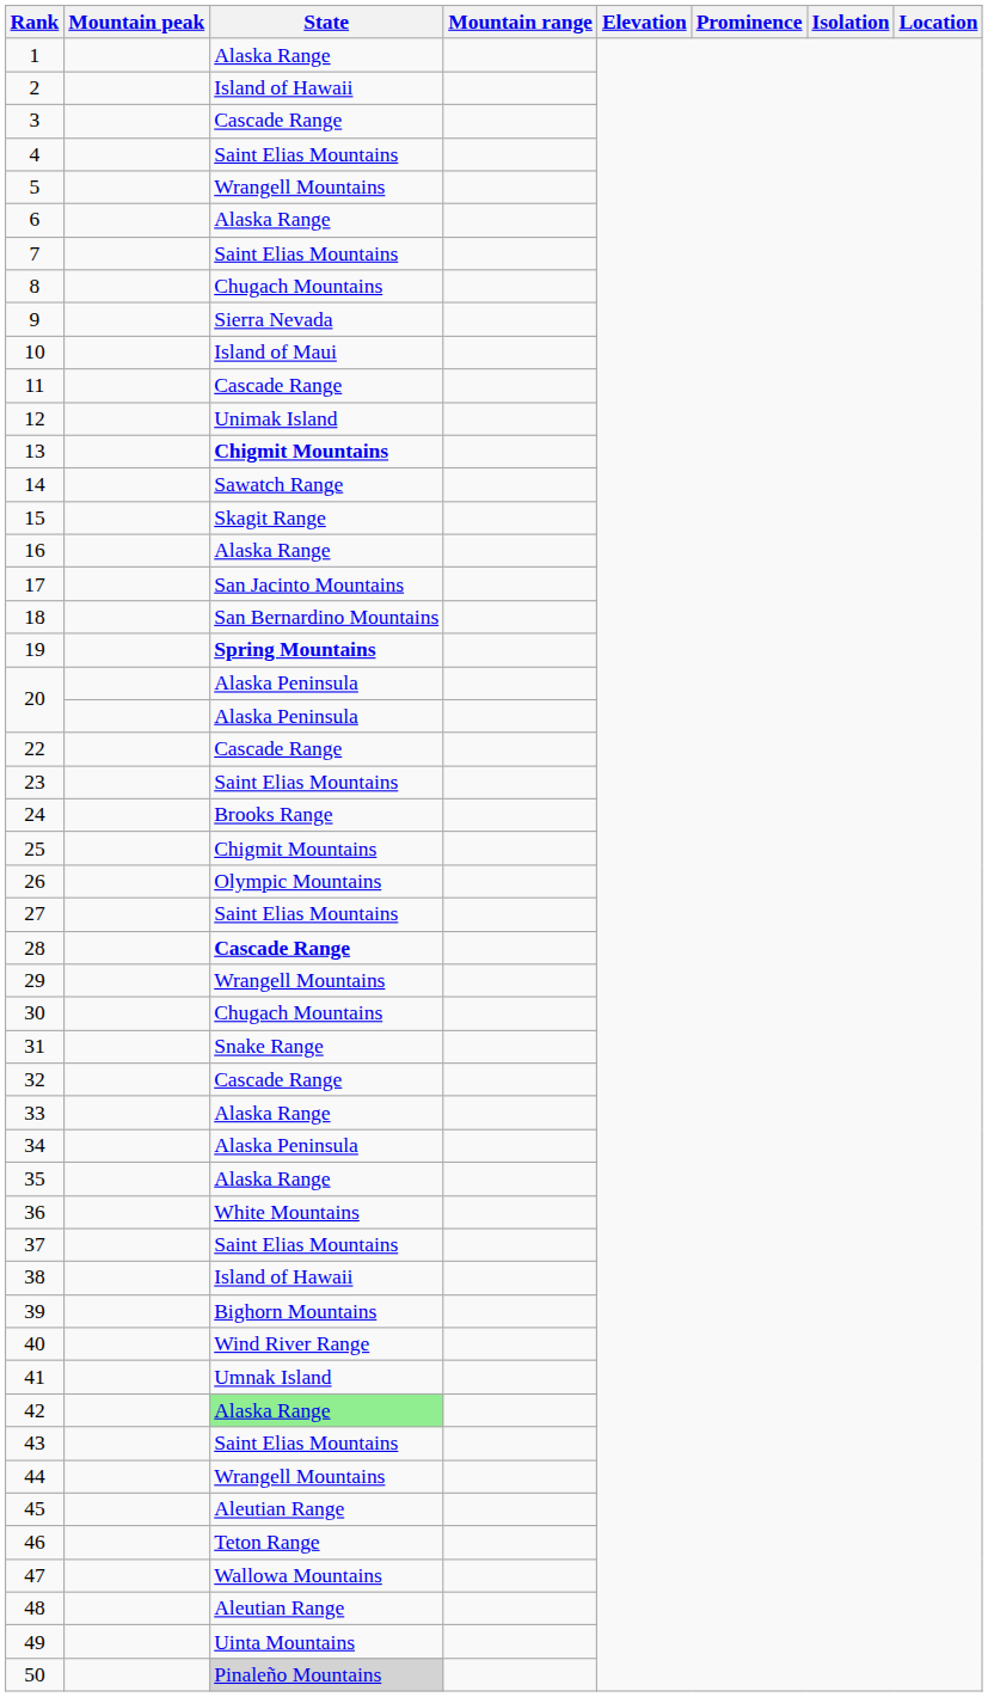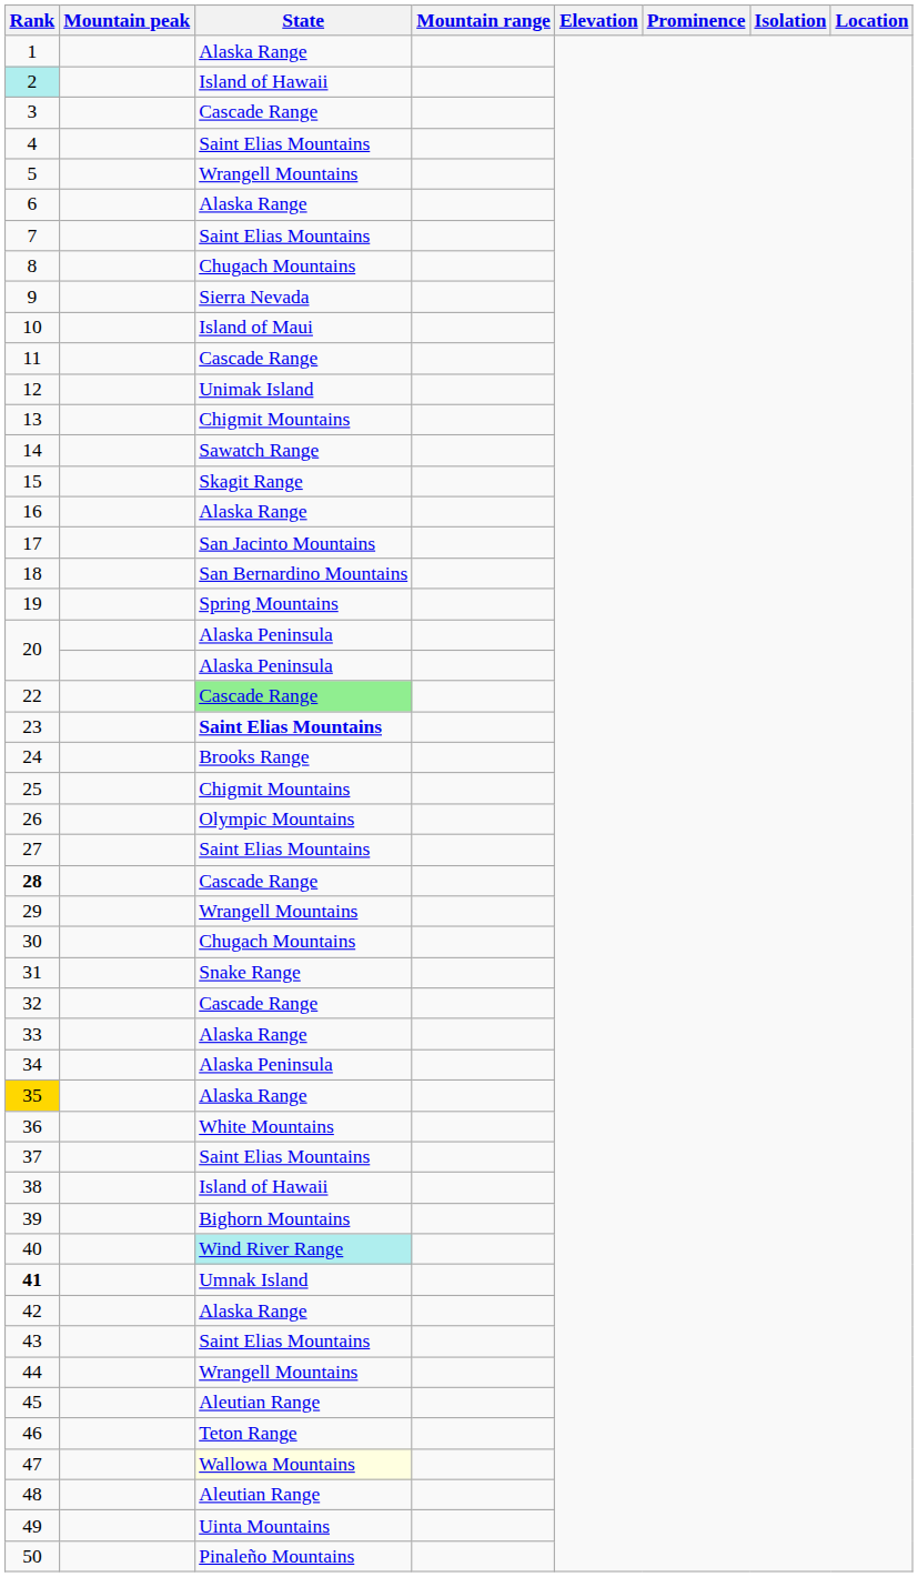 <table class="wikitable sortable">
 <tr>
 <th><a href='#'>Rank</a></th>
 <th><a href='#'>Mountain peak</a></th>
 <th><a href='#'>State</a></th>
 <th><a href='#'>Mountain range</a></th>
 <th><a href='#'>Elevation</a></th>
 <th><a href='#'>Prominence</a></th>
 <th><a href='#'>Isolation</a></th>
 <th><a href='#'>Location</a></th>
 </tr>
 <tr>
 <td align=center>1<br></td>
 <td></td>
 <td><a href='#'>Alaska Range</a><br></td>
 <td></td>
 </tr>
 <tr>
-<td align=center>2<br></td>
+<td align=center style="background: paleturquoise;">2<br></td>
 <td></td>
 <td><a href='#'>Island of Hawaii</a><br></td>
 <td></td>
 </tr>
 <tr>
 <td align=center>3<br></td>
 <td></td>
 <td><a href='#'>Cascade Range</a><br></td>
 <td></td>
 </tr>
 <tr>
 <td align=center>4<br></td>
 <td><br></td>
 <td><a href='#'>Saint Elias Mountains</a><br></td>
 <td></td>
 </tr>
 <tr>
 <td align=center>5<br></td>
 <td></td>
 <td><a href='#'>Wrangell Mountains</a><br></td>
 <td></td>
 </tr>
 <tr>
 <td align=center>6<br></td>
 <td></td>
 <td><a href='#'>Alaska Range</a><br></td>
 <td></td>
 </tr>
 <tr>
 <td align=center>7<br></td>
 <td><br></td>
 <td><a href='#'>Saint Elias Mountains</a><br></td>
 <td></td>
 </tr>
 <tr>
 <td align=center>8<br></td>
 <td></td>
 <td><a href='#'>Chugach Mountains</a><br></td>
 <td></td>
 </tr>
 <tr>
 <td align=center>9<br></td>
 <td></td>
 <td><a href='#'>Sierra Nevada</a><br></td>
 <td></td>
 </tr>
 <tr>
 <td align=center>10<br></td>
 <td></td>
 <td><a href='#'>Island of Maui</a><br></td>
 <td></td>
 </tr>
 <tr>
 <td align=center>11<br></td>
 <td></td>
 <td><a href='#'>Cascade Range</a><br></td>
 <td></td>
 </tr>
 <tr>
 <td align=center>12<br></td>
 <td></td>
 <td><a href='#'>Unimak Island</a><br></td>
 <td></td>
 </tr>
 <tr>
 <td align=center>13<br></td>
 <td></td>
-<td><strong><a href='#'>Chigmit Mountains</a><br></strong></td>
+<td><a href='#'>Chigmit Mountains</a><br></td>
 <td></td>
 </tr>
 <tr>
 <td align=center>14<br></td>
 <td></td>
 <td><a href='#'>Sawatch Range</a><br></td>
 <td></td>
 </tr>
 <tr>
 <td align=center>15<br></td>
 <td></td>
 <td><a href='#'>Skagit Range</a><br></td>
 <td></td>
 </tr>
 <tr>
 <td align=center>16<br></td>
 <td></td>
 <td><a href='#'>Alaska Range</a><br></td>
 <td></td>
 </tr>
 <tr>
 <td align=center>17<br></td>
 <td></td>
 <td><a href='#'>San Jacinto Mountains</a><br></td>
 <td></td>
 </tr>
 <tr>
 <td align=center>18<br></td>
 <td></td>
 <td><a href='#'>San Bernardino Mountains</a><br></td>
 <td></td>
 </tr>
 <tr>
 <td align=center>19<br></td>
 <td></td>
-<td><strong><a href='#'>Spring Mountains</a><br></strong></td>
+<td><a href='#'>Spring Mountains</a><br></td>
 <td></td>
 </tr>
 <tr>
 <td align=center rowspan=2>20<br></td>
 <td></td>
 <td><a href='#'>Alaska Peninsula</a><br></td>
 <td></td>
 </tr>
 <tr>
 <td></td>
 <td><a href='#'>Alaska Peninsula</a><br></td>
 <td></td>
 </tr>
 <tr>
 <td align=center>22<br></td>
 <td></td>
-<td><a href='#'>Cascade Range</a><br></td>
+<td style="background: lightgreen;"><a href='#'>Cascade Range</a><br></td>
 <td></td>
 </tr>
 <tr>
 <td align=center>23<br></td>
 <td><br></td>
-<td><a href='#'>Saint Elias Mountains</a><br></td>
+<td><strong><a href='#'>Saint Elias Mountains</a><br></strong></td>
 <td></td>
 </tr>
 <tr>
 <td align=center>24<br></td>
 <td></td>
 <td><a href='#'>Brooks Range</a><br></td>
 <td></td>
 </tr>
 <tr>
 <td align=center>25<br></td>
 <td></td>
 <td><a href='#'>Chigmit Mountains</a><br></td>
 <td></td>
 </tr>
 <tr>
 <td align=center>26<br></td>
 <td></td>
 <td><a href='#'>Olympic Mountains</a><br></td>
 <td></td>
 </tr>
 <tr>
 <td align=center>27<br></td>
 <td><br></td>
 <td><a href='#'>Saint Elias Mountains</a><br></td>
 <td></td>
 </tr>
 <tr>
-<td align=center>28<br></td>
+<td align=center><strong>28<br></strong></td>
 <td></td>
-<td><strong><a href='#'>Cascade Range</a><br></strong></td>
+<td><a href='#'>Cascade Range</a><br></td>
 <td></td>
 </tr>
 <tr>
 <td align=center>29<br></td>
 <td></td>
 <td><a href='#'>Wrangell Mountains</a><br></td>
 <td></td>
 </tr>
 <tr>
 <td align=center>30<br></td>
 <td></td>
 <td><a href='#'>Chugach Mountains</a><br></td>
 <td></td>
 </tr>
 <tr>
 <td align=center>31<br></td>
 <td></td>
 <td><a href='#'>Snake Range</a><br></td>
 <td></td>
 </tr>
 <tr>
 <td align=center>32<br></td>
 <td></td>
 <td><a href='#'>Cascade Range</a><br></td>
 <td></td>
 </tr>
 <tr>
 <td align=center>33<br></td>
 <td></td>
 <td><a href='#'>Alaska Range</a><br></td>
 <td></td>
 </tr>
 <tr>
 <td align=center>34<br></td>
 <td></td>
 <td><a href='#'>Alaska Peninsula</a><br></td>
 <td></td>
 </tr>
 <tr>
-<td align=center>35<br></td>
+<td align=center style="background: gold;">35<br></td>
 <td></td>
 <td><a href='#'>Alaska Range</a><br></td>
 <td></td>
 </tr>
 <tr>
 <td align=center>36<br></td>
 <td></td>
 <td><a href='#'>White Mountains</a><br></td>
 <td></td>
 </tr>
 <tr>
 <td align=center>37<br></td>
 <td></td>
 <td><a href='#'>Saint Elias Mountains</a><br></td>
 <td></td>
 </tr>
 <tr>
 <td align=center>38<br></td>
 <td></td>
 <td><a href='#'>Island of Hawaii</a><br></td>
 <td></td>
 </tr>
 <tr>
 <td align=center>39<br></td>
 <td></td>
 <td><a href='#'>Bighorn Mountains</a><br></td>
 <td></td>
 </tr>
 <tr>
 <td align=center>40<br></td>
 <td></td>
-<td><a href='#'>Wind River Range</a><br></td>
+<td style="background: paleturquoise;"><a href='#'>Wind River Range</a><br></td>
 <td></td>
 </tr>
 <tr>
-<td align=center>41<br></td>
+<td align=center><strong>41<br></strong></td>
 <td></td>
 <td><a href='#'>Umnak Island</a><br></td>
 <td></td>
 </tr>
 <tr>
 <td align=center>42<br></td>
 <td></td>
-<td style="background: lightgreen;"><a href='#'>Alaska Range</a><br></td>
+<td><a href='#'>Alaska Range</a><br></td>
 <td></td>
 </tr>
 <tr>
 <td align=center>43<br></td>
 <td></td>
 <td><a href='#'>Saint Elias Mountains</a><br></td>
 <td></td>
 </tr>
 <tr>
 <td align=center>44<br></td>
 <td></td>
 <td><a href='#'>Wrangell Mountains</a><br></td>
 <td></td>
 </tr>
 <tr>
 <td align=center>45<br></td>
 <td></td>
 <td><a href='#'>Aleutian Range</a><br></td>
 <td></td>
 </tr>
 <tr>
 <td align=center>46<br></td>
 <td></td>
 <td><a href='#'>Teton Range</a><br></td>
 <td></td>
 </tr>
 <tr>
 <td align=center>47<br></td>
 <td></td>
-<td><a href='#'>Wallowa Mountains</a><br></td>
+<td style="background: lightyellow;"><a href='#'>Wallowa Mountains</a><br></td>
 <td></td>
 </tr>
 <tr>
 <td align=center>48<br></td>
 <td></td>
 <td><a href='#'>Aleutian Range</a><br></td>
 <td></td>
 </tr>
 <tr>
 <td align=center>49<br></td>
 <td></td>
 <td><a href='#'>Uinta Mountains</a><br></td>
 <td></td>
 </tr>
 <tr>
 <td align=center>50<br></td>
 <td></td>
-<td style="background: lightgrey;"><a href='#'>Pinaleño Mountains</a><br></td>
+<td><a href='#'>Pinaleño Mountains</a><br></td>
 <td></td>
 </tr>
 </table>
